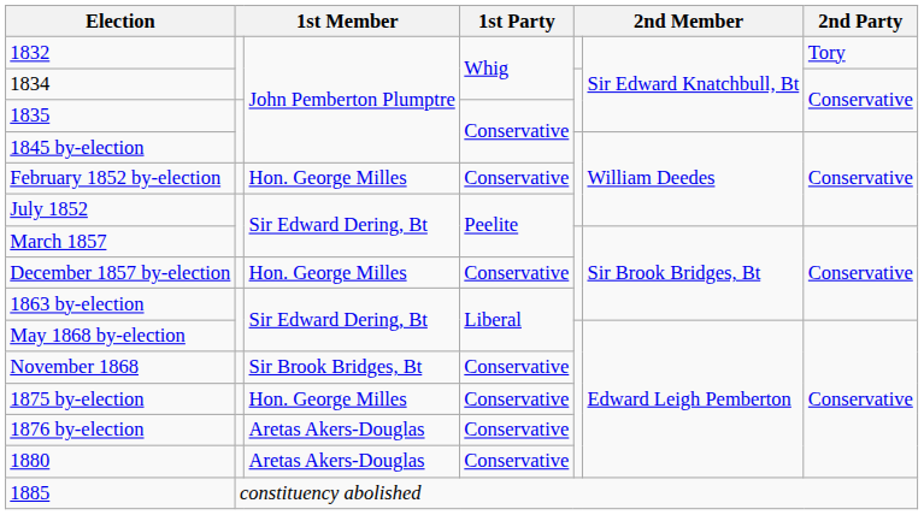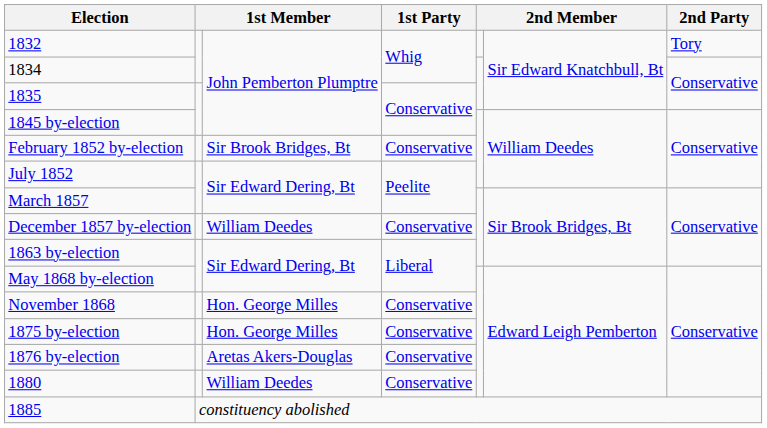 <table class="wikitable">
 <tr>
 <th>Election</th>
 <th colspan="2">1st Member</th>
 <th>1st Party</th>
 <th colspan="2">2nd Member</th>
 <th>2nd Party</th>
 </tr>
 <tr>
 <td><a href='#'>1832</a></td>
 <td rowspan="2" style="color:inherit;background-color: "></td>
 <td rowspan="4"><a href='#'>John Pemberton Plumptre</a></td>
 <td rowspan="2"><a href='#'>Whig</a></td>
 <td style="color:inherit;background-color: "></td>
 <td rowspan="3"><a href='#'>Sir Edward Knatchbull, Bt</a></td>
 <td><a href='#'>Tory</a></td>
 </tr>
 <tr>
 <td>1834</td>
 <td rowspan="2" style="color:inherit;background-color: "></td>
 <td rowspan="2"><a href='#'>Conservative</a></td>
 </tr>
 <tr>
 <td><a href='#'>1835</a></td>
 <td rowspan="2" style="color:inherit;background-color: "></td>
 <td rowspan="2"><a href='#'>Conservative</a></td>
 </tr>
 <tr>
 <td><a href='#'>1845 by-election</a></td>
 <td rowspan="3" style="color:inherit;background-color: "></td>
 <td rowspan="3"><a href='#'>William Deedes</a></td>
 <td rowspan="3"><a href='#'>Conservative</a></td>
 </tr>
 <tr>
 <td><a href='#'>February 1852 by-election</a></td>
 <td style="color:inherit;background-color: "></td>
-<td><a href='#'>Hon. George Milles</a></td>
+<td><a href='#'>Sir Brook Bridges, Bt</a></td>
 <td><a href='#'>Conservative</a></td>
 </tr>
 <tr>
 <td><a href='#'>July 1852</a></td>
 <td rowspan="2" style="color:inherit;background-color: "></td>
 <td rowspan="2"><a href='#'>Sir Edward Dering, Bt</a></td>
 <td rowspan="2"><a href='#'>Peelite</a></td>
 </tr>
 <tr>
 <td><a href='#'>March 1857</a></td>
 <td rowspan="3" style="color:inherit;background-color: "></td>
 <td rowspan="3"><a href='#'>Sir Brook Bridges, Bt</a></td>
 <td rowspan="3"><a href='#'>Conservative</a></td>
 </tr>
 <tr>
 <td><a href='#'>December 1857 by-election</a></td>
 <td style="color:inherit;background-color: "></td>
-<td><a href='#'>Hon. George Milles</a></td>
+<td><a href='#'>William Deedes</a></td>
 <td><a href='#'>Conservative</a></td>
 </tr>
 <tr>
 <td><a href='#'>1863 by-election</a></td>
 <td rowspan="2" style="color:inherit;background-color: "></td>
 <td rowspan="2"><a href='#'>Sir Edward Dering, Bt</a></td>
 <td rowspan="2"><a href='#'>Liberal</a></td>
 </tr>
 <tr>
 <td><a href='#'>May 1868 by-election</a></td>
 <td rowspan="5" style="color:inherit;background-color: "></td>
 <td rowspan="5"><a href='#'>Edward Leigh Pemberton</a></td>
 <td rowspan="5"><a href='#'>Conservative</a></td>
 </tr>
 <tr>
 <td><a href='#'>November 1868</a></td>
 <td style="color:inherit;background-color: "></td>
-<td><a href='#'>Sir Brook Bridges, Bt</a></td>
+<td><a href='#'>Hon. George Milles</a></td>
 <td><a href='#'>Conservative</a></td>
 </tr>
 <tr>
 <td><a href='#'>1875 by-election</a></td>
 <td style="color:inherit;background-color: "></td>
 <td><a href='#'>Hon. George Milles</a></td>
 <td><a href='#'>Conservative</a></td>
 </tr>
 <tr>
 <td><a href='#'>1876 by-election</a></td>
 <td style="color:inherit;background-color: "></td>
 <td><a href='#'>Aretas Akers-Douglas</a></td>
 <td><a href='#'>Conservative</a></td>
 </tr>
 <tr>
 <td><a href='#'>1880</a></td>
 <td style="color:inherit;background-color: "></td>
-<td><a href='#'>Aretas Akers-Douglas</a></td>
+<td><a href='#'>William Deedes</a></td>
 <td><a href='#'>Conservative</a></td>
 </tr>
 <tr>
 <td><a href='#'>1885</a></td>
 <td colspan="6"><em>constituency abolished</em></td>
 </tr>
 </table>
